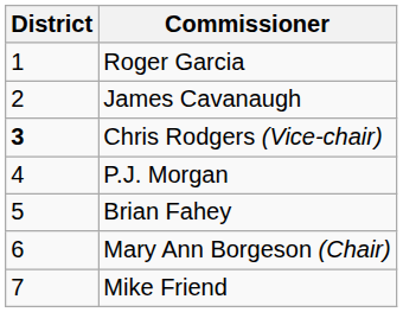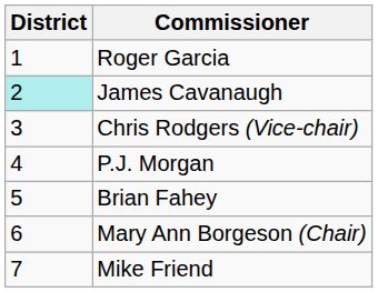 <table class="wikitable" style="text-align: left; clear:left; margin: 0 0 0.5em 1em;">
 <tr>
 <th>District</th>
 <th>Commissioner</th>
 </tr>
 <tr>
 <td>1</td>
 <td>Roger Garcia</td>
 </tr>
 <tr>
-<td>2</td>
+<td style="background: paleturquoise;">2</td>
 <td>James Cavanaugh</td>
 </tr>
 <tr>
-<td><strong>3</strong></td>
+<td>3</td>
 <td>Chris Rodgers <em>(Vice-chair)</em></td>
 </tr>
 <tr>
 <td>4</td>
 <td>P.J. Morgan</td>
 </tr>
 <tr>
 <td>5</td>
 <td>Brian Fahey</td>
 </tr>
 <tr>
 <td>6</td>
 <td>Mary Ann Borgeson <em>(Chair)</em></td>
 </tr>
 <tr>
 <td>7</td>
 <td>Mike Friend</td>
 </tr>
 </table>
